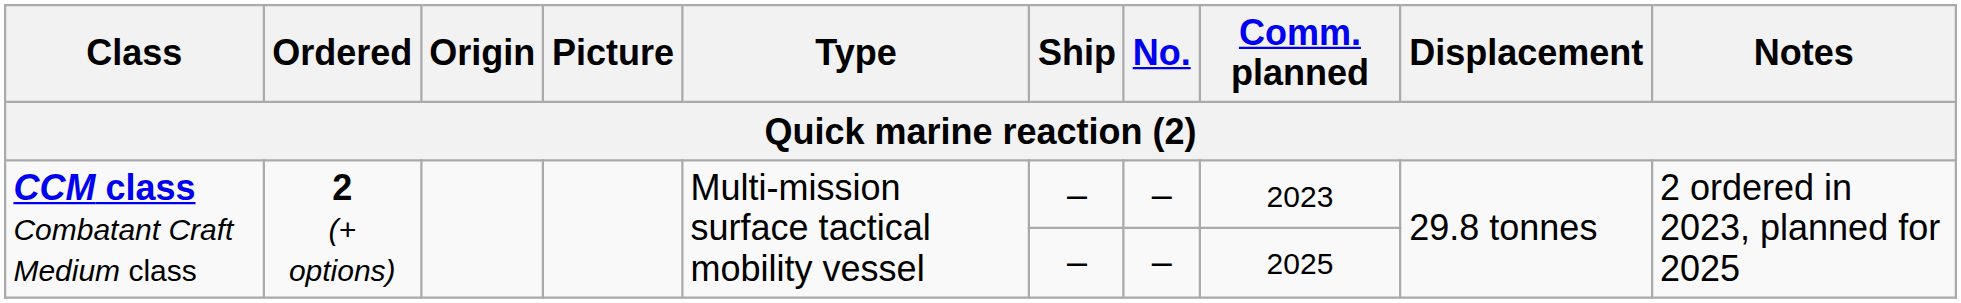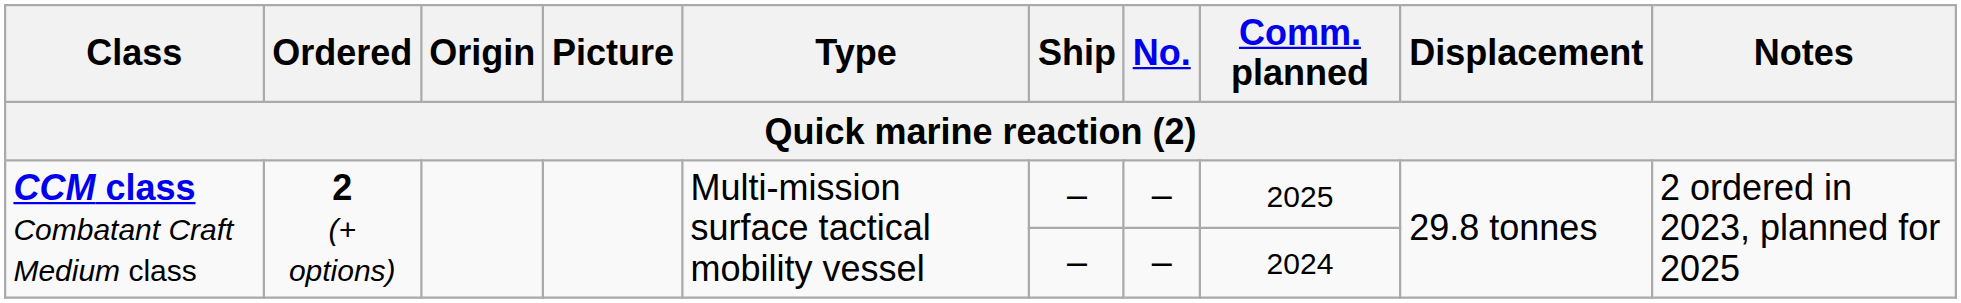 <table class="wikitable">
 <tr>
 <th>Class</th>
 <th>Ordered</th>
 <th>Origin</th>
 <th>Picture</th>
 <th>Type</th>
 <th>Ship</th>
 <th><a href='#'>No.</a></th>
 <th><a href='#'>Comm.</a> planned</th>
 <th>Displacement</th>
 <th>Notes</th>
 </tr>
 <tr>
 <th colspan="10">Quick marine reaction (2)</th>
 </tr>
 <tr>
 <td rowspan="2"><strong><a href='#'><em>CCM</em> class</a></strong><br><small><em>Combatant Craft Medium</em> class</small></td>
 <td rowspan="2" style="text-align: center;"><strong>2</strong><br><em><small>(+ options)</small></em></td>
 <td rowspan="2"></td>
 <td rowspan="2"></td>
 <td rowspan="2">Multi-mission surface tactical mobility vessel</td>
 <td style="text-align: center;">–</td>
 <td style="text-align: center;">–</td>
-<td style="text-align: center;"><small>2023</small></td>
+<td style="text-align: center;"><small>2025</small></td>
 <td rowspan="2">29.8 tonnes</td>
 <td rowspan="2">2 ordered in 2023, planned for 2025</td>
 </tr>
 <tr>
 <td style="text-align: center;">–</td>
 <td style="text-align: center;">–</td>
-<td style="text-align: center;"><small>2025</small></td>
+<td style="text-align: center;"><small>2024</small></td>
 </tr>
 </table>
